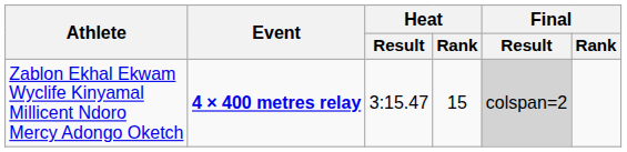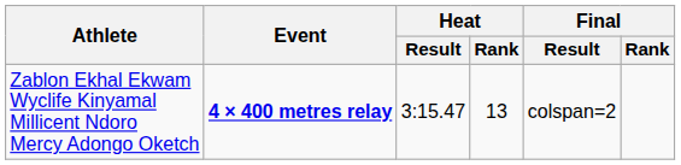 <table class="wikitable" style="font-size:90%">
 <tr>
 <th rowspan="2">Athlete</th>
 <th rowspan="2">Event</th>
 <th colspan="2">Heat</th>
 <th colspan="2">Final</th>
 </tr>
 <tr style="font-size:95%">
 <th>Result</th>
 <th>Rank</th>
 <th>Result</th>
 <th>Rank</th>
 </tr>
 <tr align=center>
 <td align=left><a href='#'>Zablon Ekhal Ekwam</a><br><a href='#'>Wyclife Kinyamal</a><br><a href='#'>Millicent Ndoro</a><br><a href='#'>Mercy Adongo Oketch</a></td>
 <td align=left><strong><a href='#'>4 × 400 metres relay</a></strong></td>
 <td>3:15.47</td>
-<td>15</td>
-<td style="background: lightgrey;">colspan=2 </td>
+<td>13</td>
+<td>colspan=2 </td>
 </tr>
 </table>
